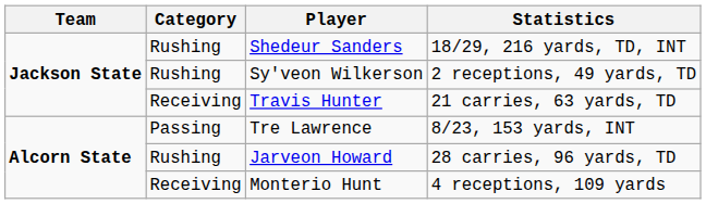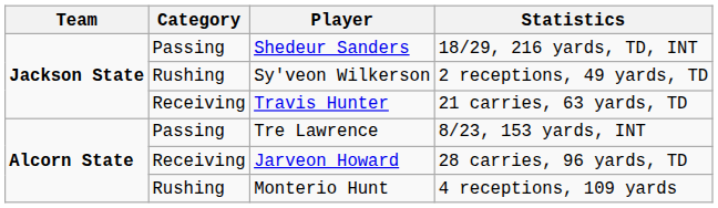 <table class="wikitable" style="float: left;">
 <tr>
 <th>Team</th>
 <th>Category</th>
 <th>Player</th>
 <th>Statistics</th>
 </tr>
 <tr>
 <td rowspan=3><strong>Jackson State</strong></td>
-<td>Rushing</td>
+<td>Passing</td>
 <td><a href='#'>Shedeur Sanders</a></td>
 <td>18/29, 216 yards, TD, INT</td>
 </tr>
 <tr>
 <td>Rushing</td>
 <td>Sy'veon Wilkerson</td>
 <td>2 receptions, 49 yards, TD</td>
 </tr>
 <tr>
 <td>Receiving</td>
 <td><a href='#'>Travis Hunter</a></td>
 <td>21 carries, 63 yards, TD</td>
 </tr>
 <tr>
 <td rowspan=3><strong>Alcorn State</strong></td>
 <td>Passing</td>
 <td>Tre Lawrence</td>
 <td>8/23, 153 yards, INT</td>
 </tr>
 <tr>
-<td>Rushing</td>
+<td>Receiving</td>
 <td><a href='#'>Jarveon Howard</a></td>
 <td>28 carries, 96 yards, TD</td>
 </tr>
 <tr>
-<td>Receiving</td>
+<td>Rushing</td>
 <td>Monterio Hunt</td>
 <td>4 receptions, 109 yards</td>
 </tr>
 </table>
